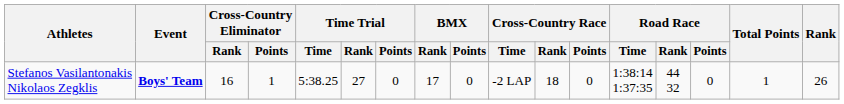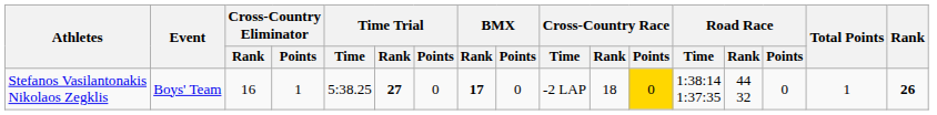 <table class="wikitable" style="font-size:90%;">
 <tr>
 <th rowspan=2>Athletes</th>
 <th rowspan=2>Event</th>
 <th colspan=2>Cross-Country<br>Eliminator</th>
 <th colspan=3>Time Trial</th>
 <th colspan=2>BMX</th>
 <th colspan=3>Cross-Country Race</th>
 <th colspan=3>Road Race</th>
 <th rowspan=2>Total Points</th>
 <th rowspan=2>Rank</th>
 </tr>
 <tr style="font-size:95%">
 <th>Rank</th>
 <th>Points</th>
 <th>Time</th>
 <th>Rank</th>
 <th>Points</th>
 <th>Rank</th>
 <th>Points</th>
 <th>Time</th>
 <th>Rank</th>
 <th>Points</th>
 <th>Time</th>
 <th>Rank</th>
 <th>Points</th>
 </tr>
 <tr align=center>
 <td align=left><a href='#'>Stefanos Vasilantonakis</a><br><a href='#'>Nikolaos Zegklis</a></td>
-<td align=left><strong><a href='#'>Boys' Team</a></strong></td>
+<td align=left><a href='#'>Boys' Team</a></td>
 <td>16</td>
 <td>1</td>
 <td>5:38.25</td>
-<td>27</td>
+<td><strong>27</strong></td>
 <td>0</td>
-<td>17</td>
+<td><strong>17</strong></td>
 <td>0</td>
 <td>-2 LAP</td>
 <td>18</td>
-<td>0</td>
+<td style="background: gold;">0</td>
 <td>1:38:14<br>1:37:35</td>
 <td>44<br>32</td>
 <td>0</td>
 <td>1</td>
-<td>26</td>
+<td><strong>26</strong></td>
 </tr>
 </table>
